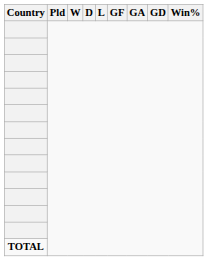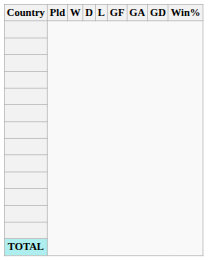 <table class="wikitable sortable plainrowheaders" style="text-align:center">
 <tr>
 <th scope="col">Country</th>
 <th scope="col">Pld</th>
 <th scope="col">W</th>
 <th scope="col">D</th>
 <th scope="col">L</th>
 <th scope="col">GF</th>
 <th scope="col">GA</th>
 <th scope="col">GD</th>
 <th scope="col">Win%</th>
 </tr>
 <tr>
 <th scope="row" align=left><br></th>
 </tr>
 <tr>
 <th scope="row" align=left><br></th>
 </tr>
 <tr>
 <th scope="row" align=left><br></th>
 </tr>
 <tr>
 <th scope="row" align=left><br></th>
 </tr>
 <tr>
 <th scope="row" align=left><br></th>
 </tr>
 <tr>
 <th scope="row" align=left><br></th>
 </tr>
 <tr>
 <th scope="row" align=left><br></th>
 </tr>
 <tr>
 <th scope="row" align=left><br></th>
 </tr>
 <tr>
 <th scope="row" align=left><br></th>
 </tr>
 <tr>
 <th scope="row" align=left><br></th>
 </tr>
 <tr>
 <th scope="row" align=left><br></th>
 </tr>
 <tr>
 <th scope="row" align=left><br></th>
 </tr>
 <tr>
 <th scope="row" align=left><br></th>
 </tr>
 <tr>
-<td><strong>TOTAL</strong><br></td>
+<td style="background: paleturquoise;"><strong>TOTAL</strong><br></td>
 </tr>
 </table>
